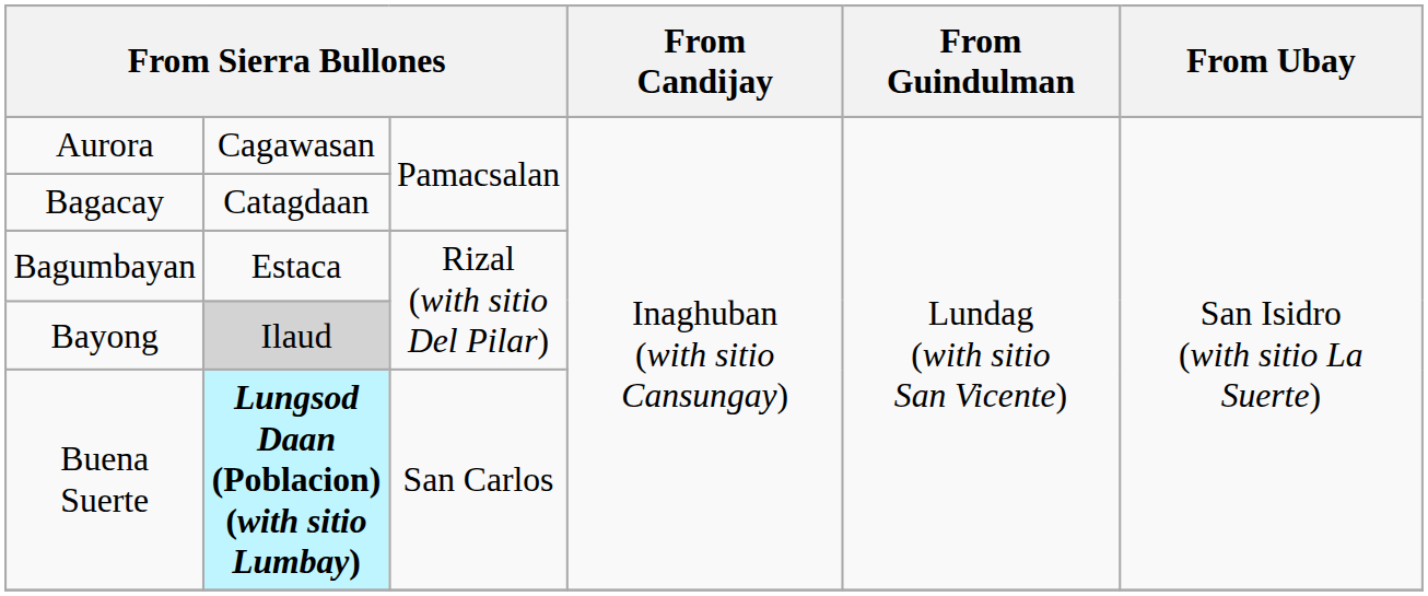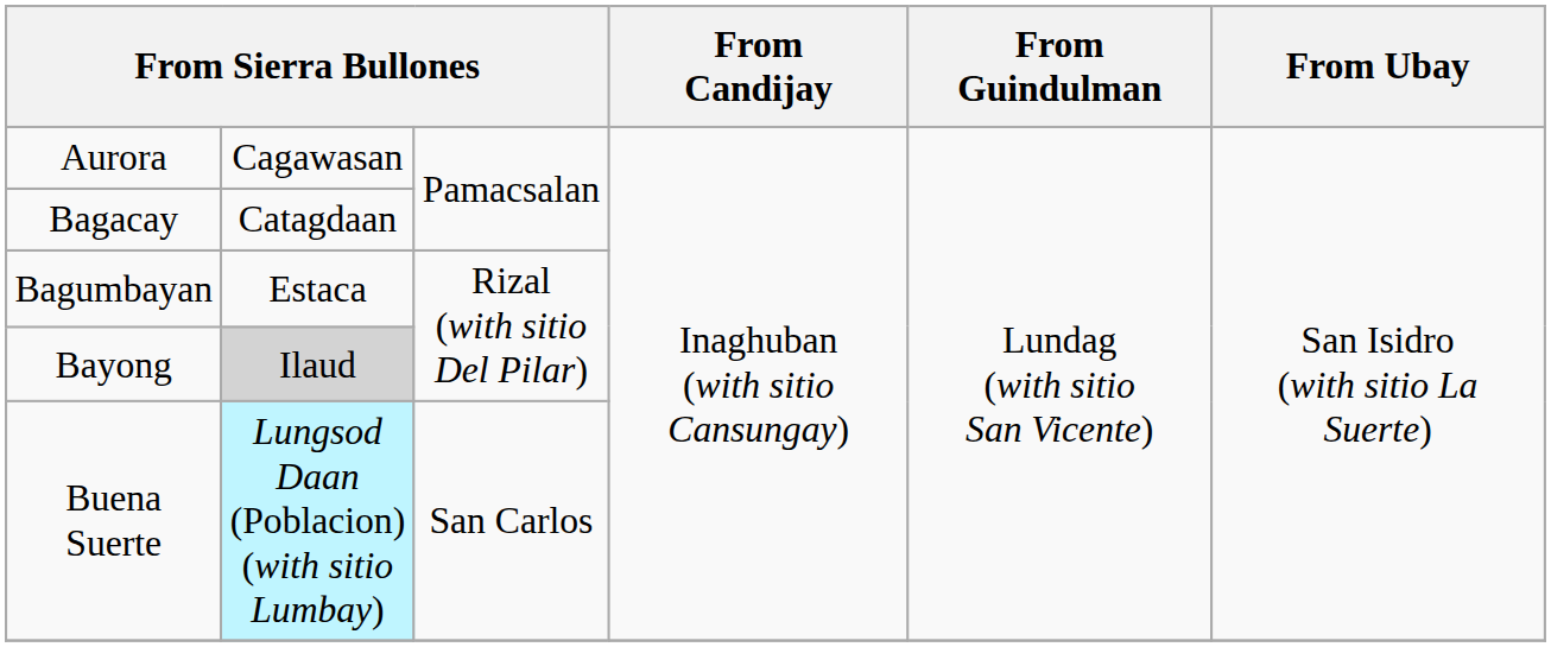 <table class="wikitable collapsible" style="margin:1em auto;font-size:95%;min-width:20em;">
 <tr>
 <th style="width: 7em;text-align:center;padding: 0.4em 1em;" colspan=3>From Sierra Bullones</th>
 <th style="width: 6em;text-align:center;padding: 0.4em 1em;">From Candijay</th>
 <th style="width: 6em;text-align:center;padding: 0.4em 1em;">From Guindulman</th>
 <th style="width: 7em;text-align:center;padding: 0.4em 1em;">From Ubay</th>
 </tr>
 <tr>
 <td style="text-align:center">Aurora</td>
 <td style="text-align:center">Cagawasan</td>
 <td style="text-align:center" rowspan=2>Pamacsalan</td>
 <td style="text-align:center" rowspan=5>Inaghuban<br>(<em>with sitio Cansungay</em>)</td>
 <td style="text-align:center" rowspan=5>Lundag<br>(<em>with sitio<br>San Vicente</em>)</td>
 <td style="text-align:center" rowspan=5>San Isidro<br>(<em>with sitio La Suerte</em>)</td>
 </tr>
 <tr>
 <td style="text-align:center">Bagacay</td>
 <td style="text-align:center">Catagdaan</td>
 </tr>
 <tr>
 <td style="text-align:center">Bagumbayan</td>
 <td style="text-align:center">Estaca</td>
 <td style="text-align:center" rowspan=2>Rizal<br>(<em>with sitio Del Pilar</em>)</td>
 </tr>
 <tr>
 <td style="text-align:center">Bayong</td>
 <td style="background: lightgrey; text-align:center">Ilaud</td>
 </tr>
 <tr>
 <td style="text-align:center">Buena Suerte</td>
-<td style="background-color:#BFF5FF; text-align:center"><strong><em>Lungsod Daan</em> (Poblacion)<br>(<em>with sitio Lumbay</em>)</strong></td>
+<td style="background-color:#BFF5FF; text-align:center"><em>Lungsod Daan</em> (Poblacion)<br>(<em>with sitio Lumbay</em>)</td>
 <td style="text-align:center">San Carlos</td>
 </tr>
 <tr>
 </tr>
 </table>
